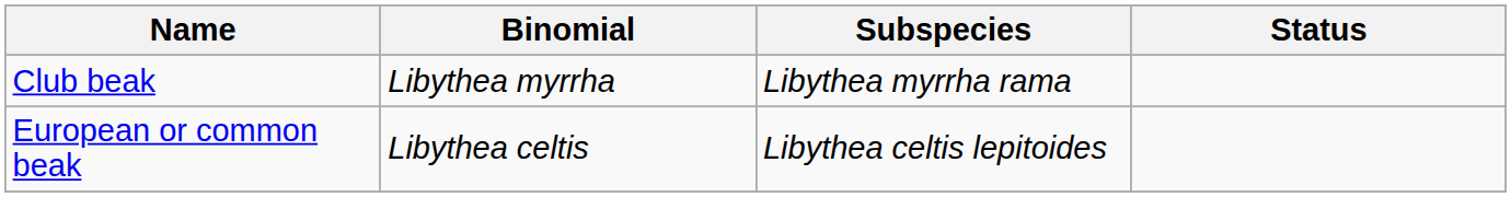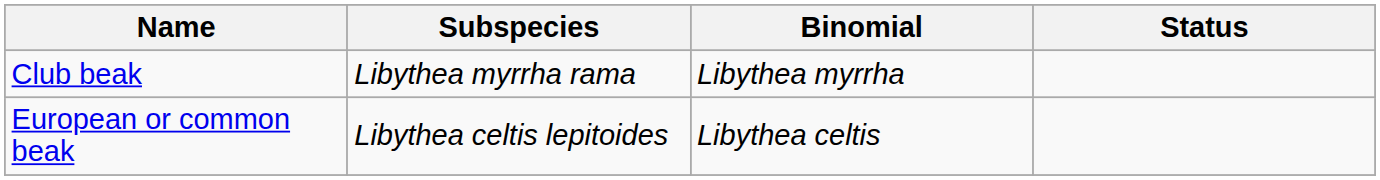 <table width=60% class="wikitable">
 <tr>
 <th width=20%>Name</th>
+<th width=20%>Subspecies</th>
 <th width=20%>Binomial</th>
-<th width=20%>Subspecies</th>
 <th width=20%>Status</th>
 </tr>
 <tr>
 <td><a href='#'>Club beak</a><br> </td>
+<td><em>Libythea myrrha rama</em></td>
 <td><em>Libythea myrrha</em></td>
-<td><em>Libythea myrrha rama</em></td>
 <td></td>
 </tr>
 <tr>
 <td><a href='#'>European or common beak</a><br> </td>
+<td><em>Libythea celtis lepitoides</em></td>
 <td><em>Libythea celtis</em></td>
-<td><em>Libythea celtis lepitoides</em></td>
 <td></td>
 </tr>
 </table>
